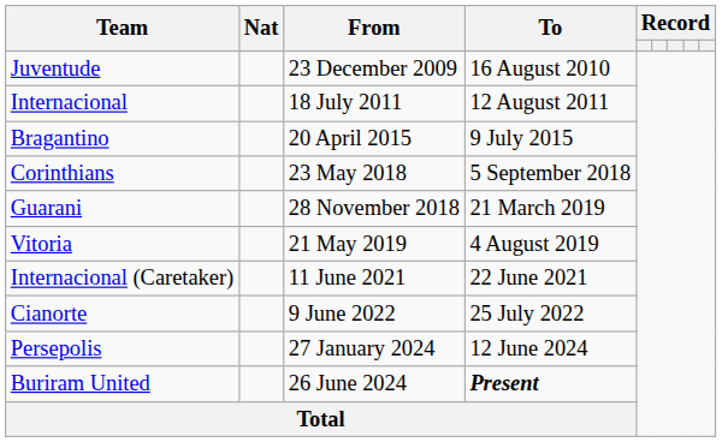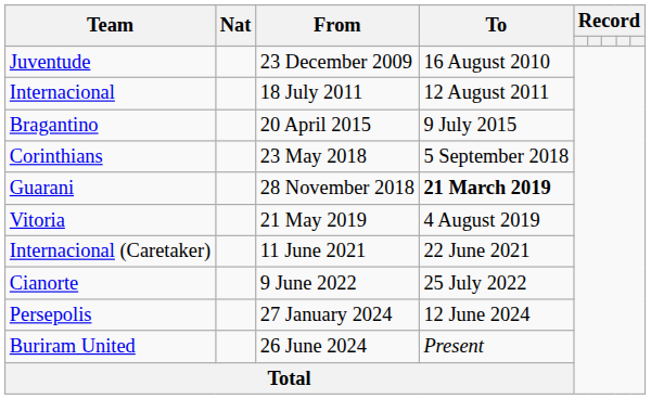 <table class="wikitable" style="text-align: center">
 <tr>
 <th rowspan="2">Team</th>
 <th rowspan="2">Nat</th>
 <th rowspan="2">From</th>
 <th rowspan="2">To</th>
 <th colspan="5">Record</th>
 </tr>
 <tr>
 <th></th>
 <th></th>
 <th></th>
 <th></th>
 <th></th>
 </tr>
 <tr>
 <td align=left><a href='#'>Juventude</a></td>
 <td></td>
 <td align=left>23 December 2009</td>
 <td align=left>16 August 2010<br></td>
 </tr>
 <tr>
 <td align=left><a href='#'>Internacional</a></td>
 <td></td>
 <td align=left>18 July 2011</td>
 <td align=left>12 August 2011<br></td>
 </tr>
 <tr>
 <td align=left><a href='#'>Bragantino</a></td>
 <td></td>
 <td align=left>20 April 2015</td>
 <td align=left>9 July 2015<br></td>
 </tr>
 <tr>
 <td align=left><a href='#'>Corinthians</a></td>
 <td></td>
 <td align=left>23 May 2018</td>
 <td align=left>5 September 2018<br></td>
 </tr>
 <tr>
 <td align=left><a href='#'>Guarani</a></td>
 <td></td>
 <td align=left>28 November 2018</td>
-<td align=left>21 March 2019<br></td>
+<td align=left><strong>21 March 2019<br></strong></td>
 </tr>
 <tr>
 <td align=left><a href='#'>Vitoria</a></td>
 <td></td>
 <td align=left>21 May 2019</td>
 <td align=left>4 August 2019<br></td>
 </tr>
 <tr>
 <td align=left><a href='#'>Internacional</a> (Caretaker)</td>
 <td></td>
 <td align=left>11 June 2021</td>
 <td align=left>22 June 2021<br></td>
 </tr>
 <tr>
 <td align=left><a href='#'>Cianorte</a></td>
 <td></td>
 <td align=left>9 June 2022</td>
 <td align=left>25 July 2022<br></td>
 </tr>
 <tr>
 <td align=left><a href='#'>Persepolis</a></td>
 <td></td>
 <td align=left>27 January 2024</td>
 <td align=left>12 June 2024<br></td>
 </tr>
 <tr>
 <td align=left><a href='#'>Buriram United</a></td>
 <td></td>
 <td align=left>26 June 2024</td>
-<td align=left><strong><em>Present</em><br></strong></td>
+<td align=left><em>Present</em><br></td>
 </tr>
 <tr>
 <th colspan=4>Total<br></th>
 </tr>
 </table>
